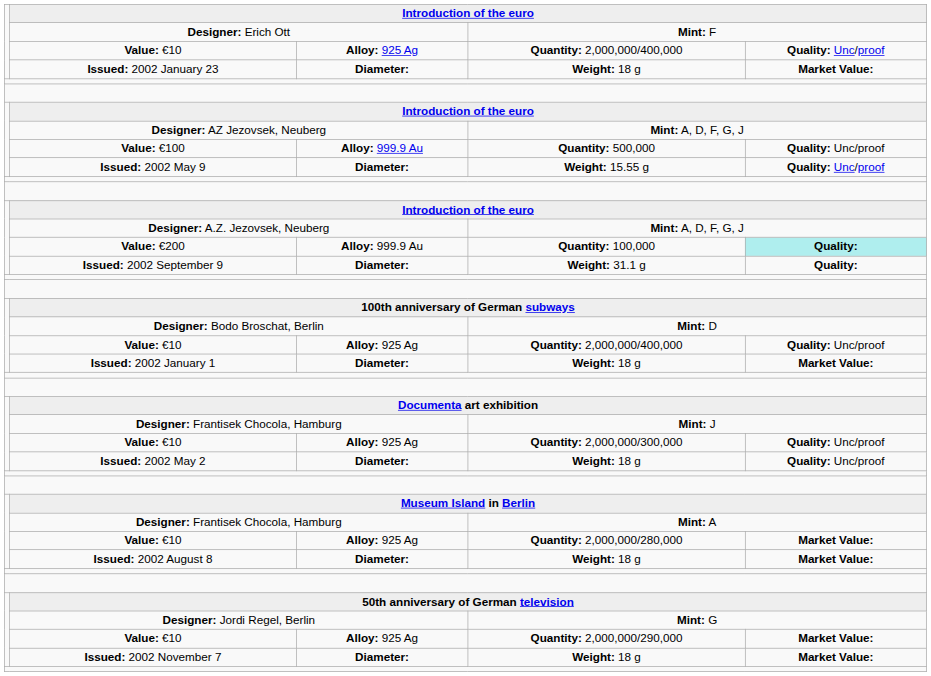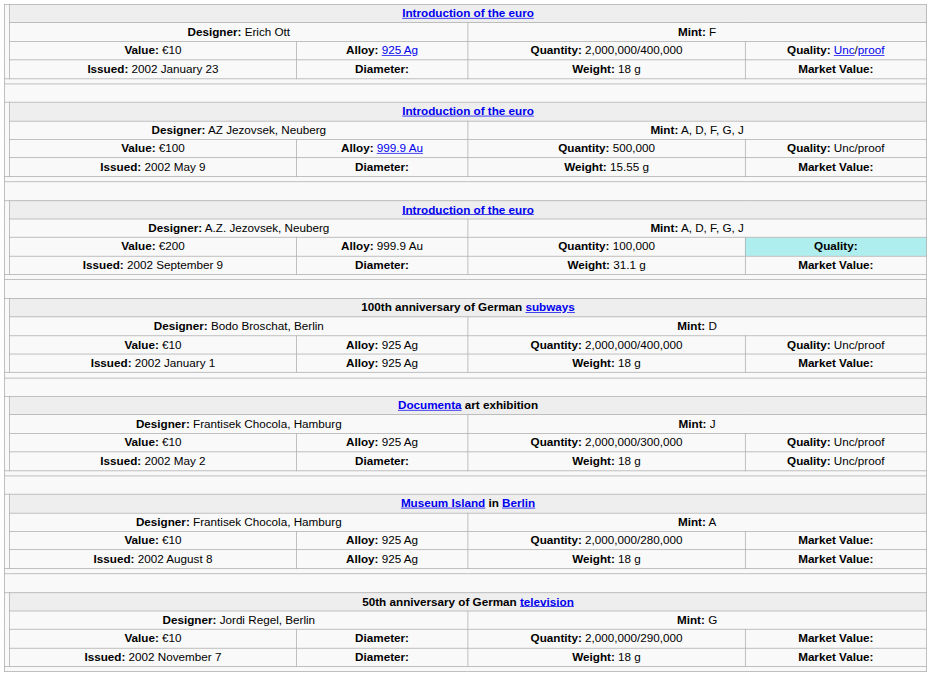 <table class="wikitable" style="width:100%;">
 <tr>
 <td rowspan="4" style="white-space:nowrap; width:330px; text-align:center;"></td>
 <th colspan="4" style="text-align:center; background:#eee;"><a href='#'>Introduction of the euro</a></th>
 </tr>
 <tr style="text-align:center;">
 <td colspan="2" style="width:50%; "><strong>Designer:</strong> Erich Ott</td>
 <td colspan="2" style="width:50%; "><strong>Mint:</strong> F</td>
 </tr>
 <tr>
 <td align=center><strong>Value:</strong> €10</td>
 <td align=center><strong>Alloy:</strong> <a href='#'>925 Ag</a></td>
 <td align=center><strong>Quantity:</strong> 2,000,000/400,000</td>
 <td align=center><strong>Quality:</strong> <a href='#'>Unc</a>/<a href='#'>proof</a></td>
 </tr>
 <tr>
 <td align=center><strong>Issued:</strong> 2002 January 23</td>
 <td align=center><strong>Diameter:</strong> </td>
 <td align=center><strong>Weight:</strong> 18 g</td>
 <td align=center><strong>Market Value:</strong></td>
 </tr>
 <tr>
 <td colspan="5" style="text-align:left;"></td>
 </tr>
 <tr>
 <td colspan="5" style="text-align:left;"> </td>
 </tr>
 <tr>
 <td rowspan="4" style="white-space:nowrap; width:330px; text-align:center;"><br></td>
 <th colspan="4" style="text-align:center; background:#eee;"><a href='#'>Introduction of the euro</a></th>
 </tr>
 <tr style="text-align:center;">
 <td colspan="2" style="width:50%; "><strong>Designer:</strong> AZ Jezovsek, Neuberg</td>
 <td colspan="2" style="width:50%; "><strong>Mint:</strong> A, D, F, G, J</td>
 </tr>
 <tr>
 <td align=center><strong>Value:</strong> €100</td>
 <td align=center><strong>Alloy:</strong> <a href='#'>999.9 Au</a></td>
 <td align=center><strong>Quantity:</strong> 500,000</td>
 <td align=center><strong>Quality:</strong> Unc/proof</td>
 </tr>
 <tr>
 <td align=center><strong>Issued:</strong>  2002 May 9</td>
 <td align=center><strong>Diameter:</strong> </td>
 <td align=center><strong>Weight:</strong> 15.55 g</td>
-<td align=center><strong>Quality:</strong> <a href='#'>Unc</a>/<a href='#'>proof</a></td>
+<td align=center><strong>Market Value:</strong></td>
 </tr>
 <tr>
 <td colspan="5" style="text-align:left;"></td>
 </tr>
 <tr>
 <td colspan="5" style="text-align:left;"> </td>
 </tr>
 <tr>
 <td rowspan="4"  style="white-space:nowrap; width:330px; text-align:center;"><br> </td>
 <th colspan="4"  style="text-align:center; background:#eee;"><a href='#'>Introduction of the euro</a></th>
 </tr>
 <tr style="text-align:center;">
 <td colspan="2"  style="width:50%; "><strong>Designer:</strong> A.Z. Jezovsek, Neuberg</td>
 <td colspan="2"  style="width:50%; "><strong>Mint:</strong> A, D, F, G, J</td>
 </tr>
 <tr>
 <td align=center><strong>Value:</strong> €200</td>
 <td align=center><strong>Alloy:</strong> 999.9 Au</td>
 <td align=center><strong>Quantity:</strong> 100,000</td>
 <td align=center style="background: paleturquoise;"><strong>Quality:</strong></td>
 </tr>
 <tr>
 <td align=center><strong>Issued:</strong> 2002 September 9</td>
 <td align=center><strong>Diameter:</strong> </td>
 <td align=center><strong>Weight:</strong> 31.1 g</td>
-<td align=center><strong>Quality:</strong></td>
+<td align=center><strong>Market Value:</strong></td>
 </tr>
 <tr>
 <td colspan="5" style="text-align:left;"></td>
 </tr>
 <tr>
 <td colspan="5" style="text-align:left;"> </td>
 </tr>
 <tr>
 <td rowspan="4"  style="white-space:nowrap; width:330px; text-align:center;"><br></td>
 <th colspan="4"  style="text-align:center; background:#eee;">100th anniversary of German <a href='#'>subways</a></th>
 </tr>
 <tr style="text-align:center;">
 <td colspan="2"  style="width:50%; "><strong>Designer:</strong> Bodo Broschat, Berlin</td>
 <td colspan="2"  style="width:50%; "><strong>Mint:</strong> D</td>
 </tr>
 <tr>
 <td align=center><strong>Value:</strong> €10</td>
 <td align=center><strong>Alloy:</strong> 925 Ag</td>
 <td align=center><strong>Quantity:</strong> 2,000,000/400,000</td>
 <td align=center><strong>Quality:</strong> Unc/proof</td>
 </tr>
 <tr>
 <td align=center><strong>Issued:</strong> 2002 January 1</td>
-<td align=center><strong>Diameter:</strong>  </td>
+<td align=center><strong>Alloy:</strong> 925 Ag</td>
 <td align=center><strong>Weight:</strong> 18 g</td>
 <td align=center><strong>Market Value:</strong></td>
 </tr>
 <tr>
 <td colspan="5" style="text-align:left;"></td>
 </tr>
 <tr>
 <td colspan="5" style="text-align:left;"> </td>
 </tr>
 <tr>
 <td rowspan="4"  style="white-space:nowrap; width:330px; text-align:center;"><br> </td>
 <th colspan="4"  style="text-align:center; background:#eee;"><a href='#'>Documenta</a> art exhibition</th>
 </tr>
 <tr style="text-align:center;">
 <td colspan="2"  style="width:50%; "><strong>Designer:</strong> Frantisek Chocola, Hamburg</td>
 <td colspan="2"  style="width:50%; "><strong>Mint:</strong> J</td>
 </tr>
 <tr>
 <td align=center><strong>Value:</strong> €10</td>
 <td align=center><strong>Alloy:</strong> 925 Ag</td>
 <td align=center><strong>Quantity:</strong> 2,000,000/300,000</td>
 <td align=center><strong>Quality:</strong> Unc/proof</td>
 </tr>
 <tr>
 <td align=center><strong>Issued:</strong> 2002 May 2</td>
 <td align=center><strong>Diameter:</strong> </td>
 <td align=center><strong>Weight:</strong> 18 g</td>
 <td align=center><strong>Quality:</strong> Unc/proof</td>
 </tr>
 <tr>
 <td colspan="5" style="text-align:left;"></td>
 </tr>
 <tr>
 <td colspan="5" style="text-align:left;"> </td>
 </tr>
 <tr>
 <td rowspan="4"  style="white-space:nowrap; width:330px; text-align:center;"><br> </td>
 <th colspan="4"  style="text-align:center; background:#eee;"><a href='#'>Museum Island</a> in <a href='#'>Berlin</a></th>
 </tr>
 <tr style="text-align:center;">
 <td colspan="2"  style="width:50%; "><strong>Designer:</strong> Frantisek Chocola, Hamburg</td>
 <td colspan="2"  style="width:50%; "><strong>Mint:</strong> A</td>
 </tr>
 <tr>
 <td align=center><strong>Value:</strong> €10</td>
 <td align=center><strong>Alloy:</strong> 925 Ag</td>
 <td align=center><strong>Quantity:</strong> 2,000,000/280,000</td>
 <td align=center><strong>Market Value:</strong></td>
 </tr>
 <tr>
 <td align=center><strong>Issued:</strong> 2002 August 8</td>
-<td align=center><strong>Diameter:</strong> </td>
+<td align=center><strong>Alloy:</strong> 925 Ag</td>
 <td align=center><strong>Weight:</strong> 18 g</td>
 <td align=center><strong>Market Value:</strong></td>
 </tr>
 <tr>
 <td colspan="5" style="text-align:left;"></td>
 </tr>
 <tr>
 <td colspan="5" style="text-align:left;"> </td>
 </tr>
 <tr>
 <td rowspan="4"  style="white-space:nowrap; width:330px; text-align:center;"><br> </td>
 <th colspan="4"  style="text-align:center; background:#eee;">50th anniversary of German <a href='#'>television</a></th>
 </tr>
 <tr style="text-align:center;">
 <td colspan="2"  style="width:50%; "><strong>Designer:</strong> Jordi Regel, Berlin</td>
 <td colspan="2"  style="width:50%; "><strong>Mint:</strong> G</td>
 </tr>
 <tr>
 <td align=center><strong>Value:</strong> €10</td>
-<td align=center><strong>Alloy:</strong> 925 Ag</td>
+<td align=center><strong>Diameter:</strong>  </td>
 <td align=center><strong>Quantity:</strong> 2,000,000/290,000</td>
 <td align=center><strong>Market Value:</strong></td>
 </tr>
 <tr>
 <td align=center><strong>Issued:</strong> 2002 November 7</td>
 <td align=center><strong>Diameter:</strong> </td>
 <td align=center><strong>Weight:</strong> 18 g</td>
 <td align=center><strong>Market Value:</strong></td>
 </tr>
 <tr>
 <td colspan="5" style="text-align:left;"></td>
 </tr>
 </table>
